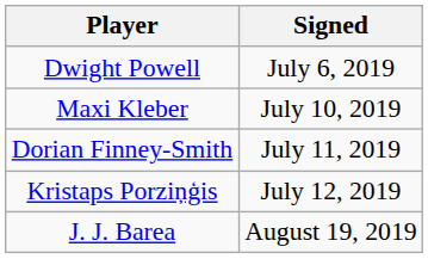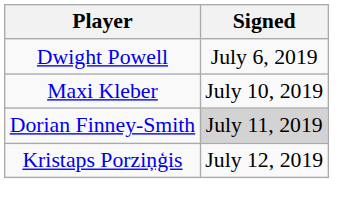 <table class="wikitable sortable sortable">
 <tr>
 <th>Player</th>
 <th>Signed</th>
 </tr>
 <tr style="text-align: center">
 <td><a href='#'>Dwight Powell</a></td>
 <td>July 6, 2019</td>
 </tr>
 <tr style="text-align: center">
 <td><a href='#'>Maxi Kleber</a></td>
 <td>July 10, 2019</td>
 </tr>
 <tr style="text-align: center">
 <td><a href='#'>Dorian Finney-Smith</a></td>
-<td>July 11, 2019</td>
+<td style="background: lightgrey;">July 11, 2019</td>
 </tr>
 <tr style="text-align: center">
 <td><a href='#'>Kristaps Porziņģis</a></td>
 <td>July 12, 2019</td>
 </tr>
-<tr style="text-align: center">
-<td><a href='#'>J. J. Barea</a></td>
-<td>August 19, 2019</td>
-</tr>
 </table>
